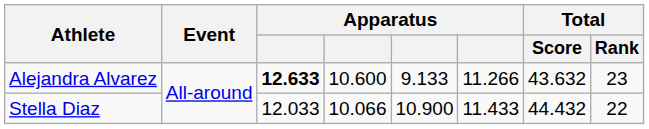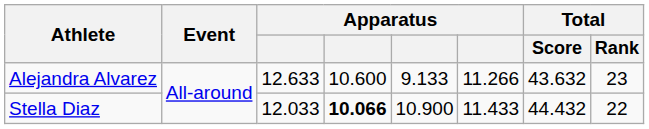 <table class=wikitable style=font-size:90%;text-align:center>
 <tr>
 <th rowspan=2>Athlete</th>
 <th rowspan=2>Event</th>
 <th colspan=4>Apparatus</th>
 <th colspan=2>Total</th>
 </tr>
 <tr style=font-size:95%>
 <th></th>
 <th></th>
 <th></th>
 <th></th>
 <th>Score</th>
 <th>Rank</th>
 </tr>
 <tr>
 <td align=left><a href='#'>Alejandra Alvarez</a></td>
 <td align=left rowspan=2><a href='#'>All-around</a></td>
-<td><strong>12.633</strong></td>
+<td>12.633</td>
 <td>10.600</td>
 <td>9.133</td>
 <td>11.266</td>
 <td>43.632</td>
 <td>23</td>
 </tr>
 <tr>
 <td align=left><a href='#'>Stella Diaz</a></td>
 <td>12.033</td>
-<td>10.066</td>
+<td><strong>10.066</strong></td>
 <td>10.900</td>
 <td>11.433</td>
 <td>44.432</td>
 <td>22</td>
 </tr>
 </table>
